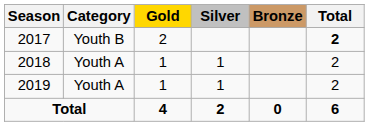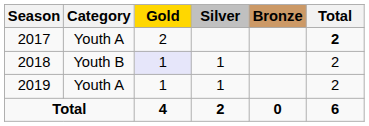 <table class="wikitable" style="text-align:center;">
 <tr>
 <th width = "55">Season</th>
 <th width = "55">Category</th>
 <th width = "55" style="background: gold;">Gold</th>
 <th width = "55" style="background: silver;">Silver</th>
 <th width = "55" style="background: #cc9966;">Bronze</th>
 <th width = "55">Total</th>
 </tr>
 <tr>
 <td>2017</td>
-<td>Youth B</td>
+<td>Youth A</td>
 <td>2</td>
 <td></td>
 <td></td>
 <td><strong>2</strong></td>
 </tr>
 <tr>
 <td>2018</td>
-<td>Youth A</td>
-<td>1</td>
+<td>Youth B</td>
+<td style="background: lavender;">1</td>
 <td>1</td>
 <td></td>
 <td>2</td>
 </tr>
 <tr>
 <td>2019</td>
 <td>Youth A</td>
 <td>1</td>
 <td>1</td>
 <td></td>
 <td>2</td>
 </tr>
 <tr>
 <td colspan=2><strong>Total</strong></td>
 <td><strong>4</strong></td>
 <td><strong>2</strong></td>
 <td><strong>0</strong></td>
 <td><strong>6</strong></td>
 </tr>
 </table>
